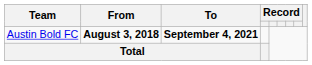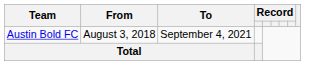 <table class=wikitable style=text-align:center>
 <tr>
 <th rowspan="2">Team</th>
 <th rowspan="2">From</th>
 <th rowspan="2">To</th>
 <th colspan="5">Record</th>
 <th rowspan="2"></th>
 </tr>
 <tr>
 <th></th>
 <th></th>
 <th></th>
 <th></th>
 <th></th>
 </tr>
 <tr>
 <td align=left><a href='#'>Austin Bold FC</a></td>
-<td align=left><strong>August 3, 2018</strong></td>
-<td align=left><strong>September 4, 2021<br></strong></td>
+<td align=left>August 3, 2018</td>
+<td align=left>September 4, 2021<br></td>
 <td></td>
 </tr>
 <tr>
 <th colspan="3">Total<br></th>
 <th></th>
 </tr>
 </table>
